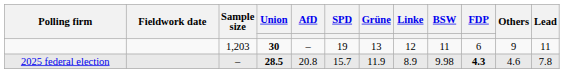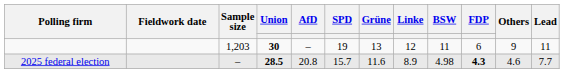 <table class="wikitable sortable mw-datatable mw-collapsible" style="text-align:center;font-size:90%;line-height:14px;">
 <tr style="height:40px;">
 <th style="width:160px;" rowspan="2">Polling firm</th>
 <th style="width:120px;" rowspan="2">Fieldwork date</th>
 <th style="width: 35px;" rowspan="2">Sample<br>size</th>
 <th class="unsortable" style="width:40px;"><a href='#'>Union</a></th>
 <th class="unsortable" style="width:40px;"><a href='#'>AfD</a></th>
 <th class="unsortable" style="width:40px;"><a href='#'>SPD</a></th>
 <th class="unsortable" style="width:40px;"><a href='#'>Grüne</a></th>
 <th class="unsortable" style="width:40px;"><a href='#'>Linke</a></th>
 <th class="unsortable" style="width:40px;"><a href='#'>BSW</a></th>
 <th class="unsortable" style="width:40px;"><a href='#'>FDP</a></th>
 <th class="unsortable" style="width:30px;" rowspan="2">Others</th>
 <th style="width:30px;" rowspan="2">Lead</th>
 </tr>
 <tr>
 <th style="background:"></th>
 <th style="background:"></th>
 <th style="background:"></th>
 <th style="background:"></th>
 <th style="background:"></th>
 <th style="background:"></th>
 <th style="background:"></th>
 </tr>
 <tr>
 <td></td>
 <td></td>
 <td>1,203</td>
 <td><strong>30</strong></td>
 <td>–</td>
 <td>19</td>
 <td>13</td>
 <td>12</td>
 <td>11</td>
 <td>6</td>
 <td>9</td>
 <td style="background:">11</td>
 </tr>
 <tr style="background:#E9E9E9;">
 <td><a href='#'>2025 federal election</a></td>
 <td></td>
 <td>–</td>
 <td><strong>28.5</strong></td>
 <td>20.8</td>
 <td>15.7</td>
-<td>11.9</td>
+<td>11.6</td>
 <td>8.9</td>
-<td>9.98</td>
+<td>4.98</td>
 <td><strong>4.3</strong></td>
 <td>4.6</td>
-<td style="background:">7.8</td>
+<td style="background:">7.7</td>
 </tr>
 </table>
